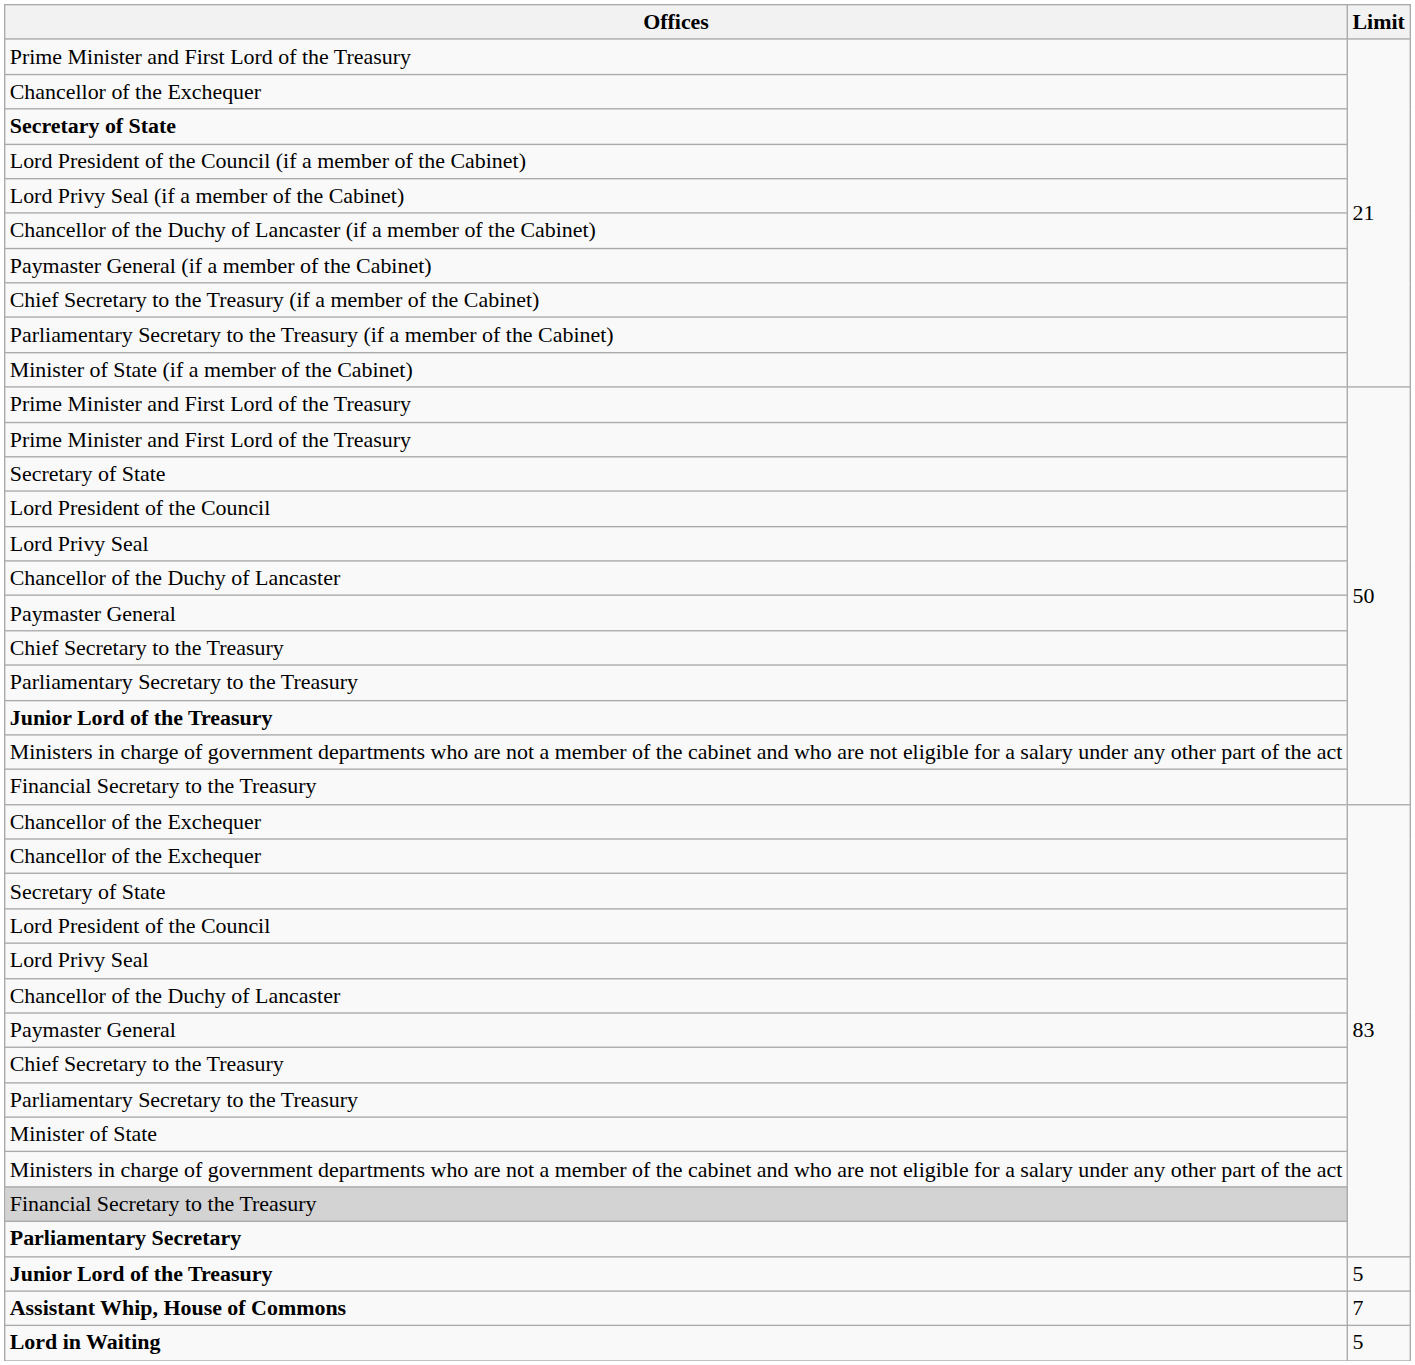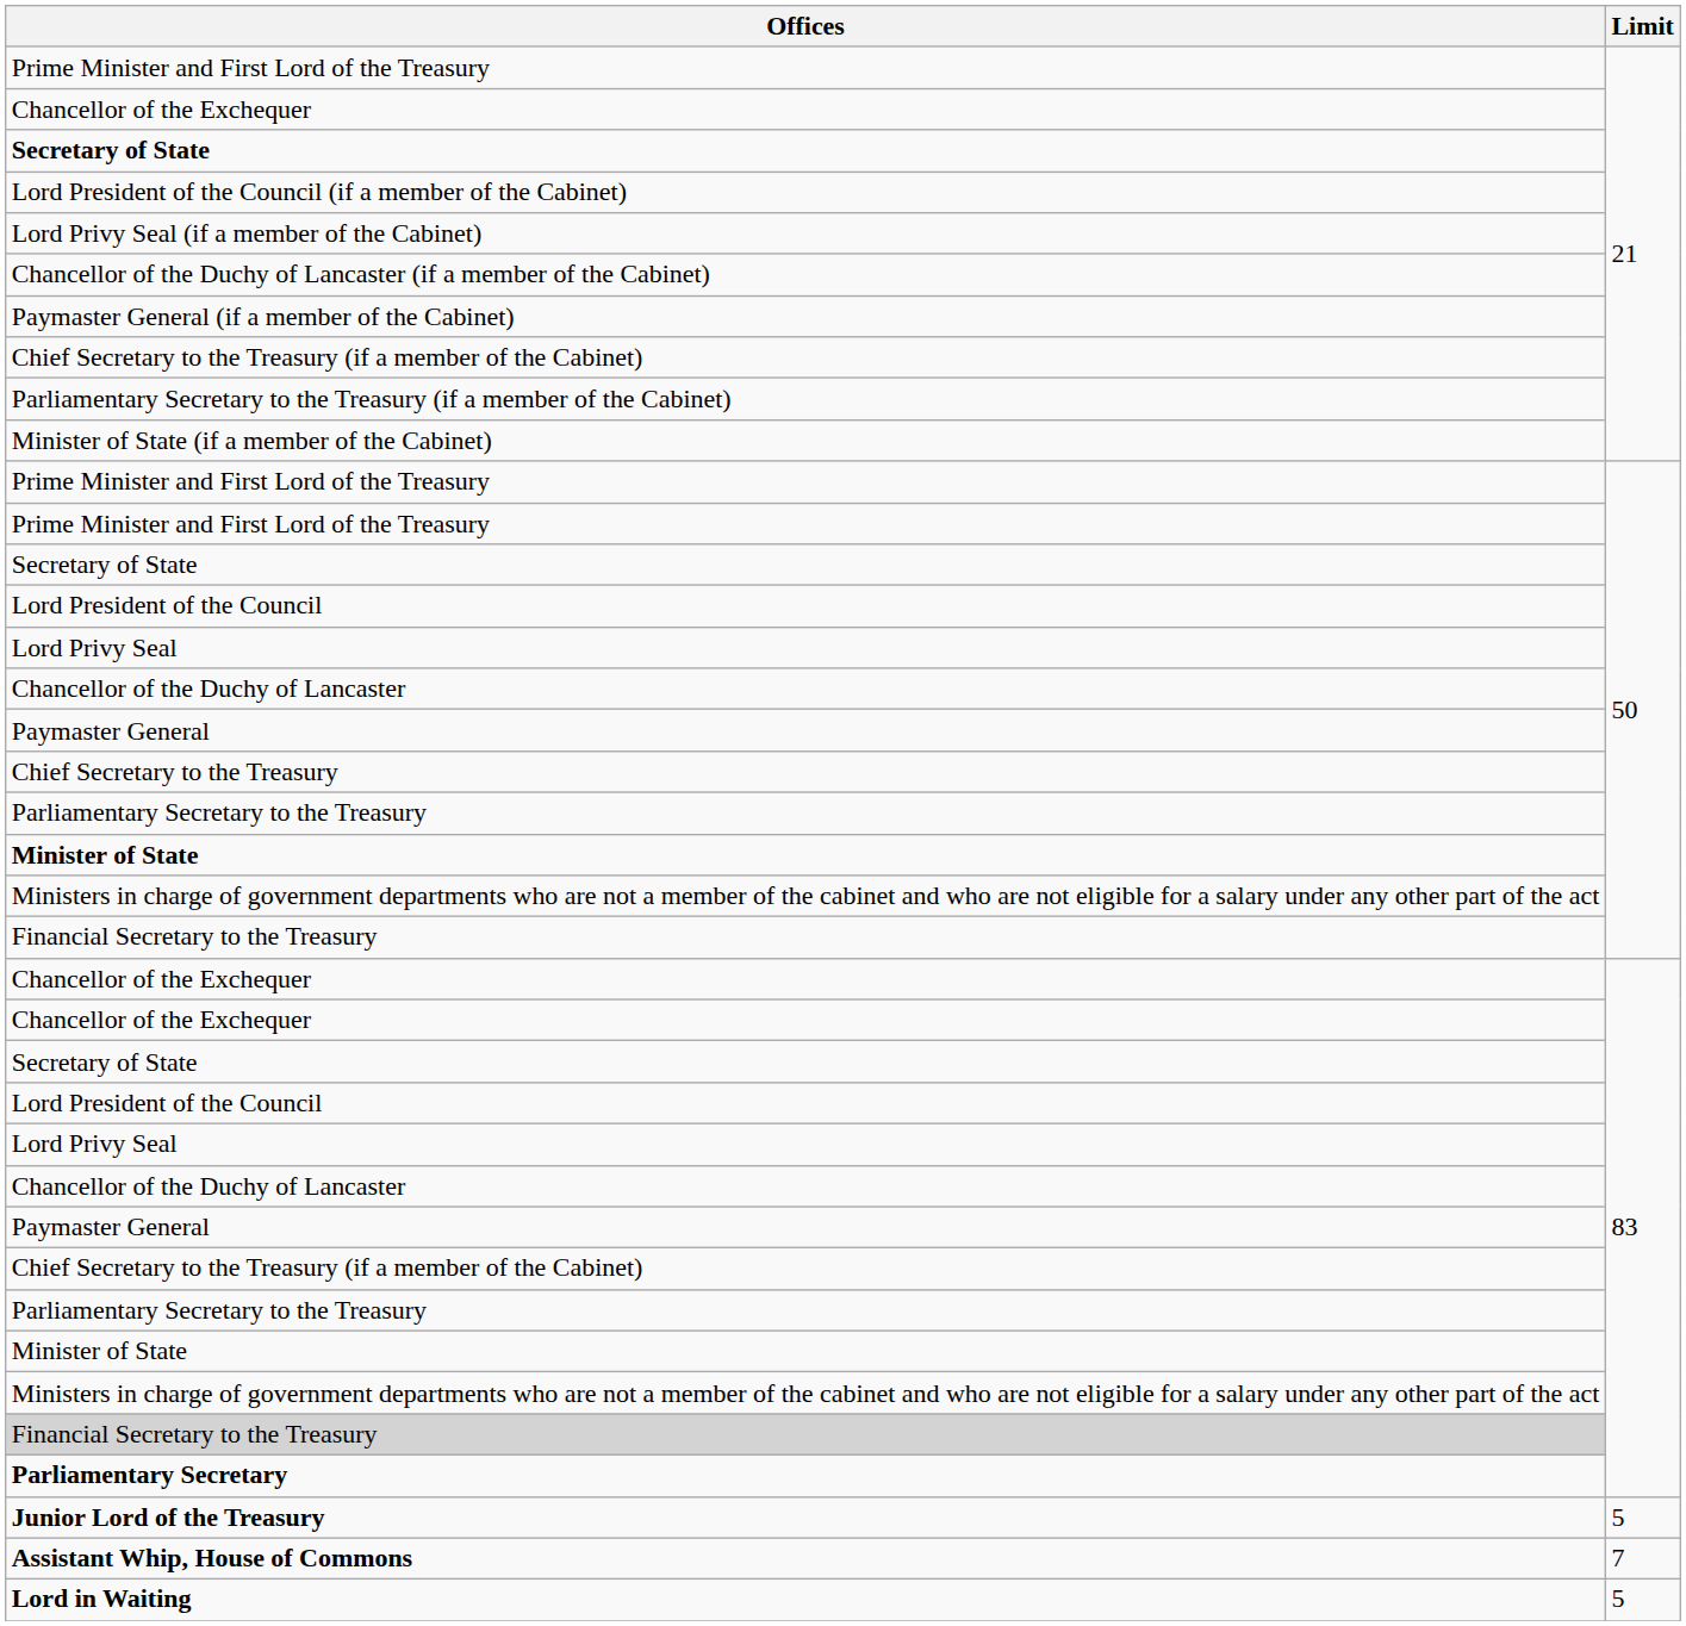 <table class="wikitable">
 <tr>
 <th>Offices</th>
 <th>Limit</th>
 </tr>
 <tr>
 <td>Prime Minister and First Lord of the Treasury</td>
 <td rowspan="10">21</td>
 </tr>
 <tr>
 <td>Chancellor of the Exchequer</td>
 </tr>
 <tr>
 <td><strong>Secretary of State</strong></td>
 </tr>
 <tr>
 <td>Lord President of the Council (if a member of the Cabinet)</td>
 </tr>
 <tr>
 <td>Lord Privy Seal (if a member of the Cabinet)</td>
 </tr>
 <tr>
 <td>Chancellor of the Duchy of Lancaster (if a member of the Cabinet)</td>
 </tr>
 <tr>
 <td>Paymaster General (if a member of the Cabinet)</td>
 </tr>
 <tr>
 <td>Chief Secretary to the Treasury (if a member of the Cabinet)</td>
 </tr>
 <tr>
 <td>Parliamentary Secretary to the Treasury (if a member of the Cabinet)</td>
 </tr>
 <tr>
 <td>Minister of State (if a member of the Cabinet)</td>
 </tr>
 <tr>
 <td>Prime Minister and First Lord of the Treasury</td>
 <td rowspan="12">50</td>
 </tr>
 <tr>
 <td>Prime Minister and First Lord of the Treasury</td>
 </tr>
 <tr>
 <td>Secretary of State</td>
 </tr>
 <tr>
 <td>Lord President of the Council</td>
 </tr>
 <tr>
 <td>Lord Privy Seal</td>
 </tr>
 <tr>
 <td>Chancellor of the Duchy of Lancaster</td>
 </tr>
 <tr>
 <td>Paymaster General</td>
 </tr>
 <tr>
 <td>Chief Secretary to the Treasury</td>
 </tr>
 <tr>
 <td>Parliamentary Secretary to the Treasury</td>
 </tr>
 <tr>
-<td><strong>Junior Lord of the Treasury</strong></td>
+<td><strong>Minister of State</strong></td>
 </tr>
 <tr>
 <td>Ministers in charge of government departments who are not a member of the cabinet and who are not eligible for a salary under any other part of the act</td>
 </tr>
 <tr>
 <td>Financial Secretary to the Treasury</td>
 </tr>
 <tr>
 <td>Chancellor of the Exchequer</td>
 <td rowspan="13">83</td>
 </tr>
 <tr>
 <td>Chancellor of the Exchequer</td>
 </tr>
 <tr>
 <td>Secretary of State</td>
 </tr>
 <tr>
 <td>Lord President of the Council</td>
 </tr>
 <tr>
 <td>Lord Privy Seal</td>
 </tr>
 <tr>
 <td>Chancellor of the Duchy of Lancaster</td>
 </tr>
 <tr>
 <td>Paymaster General</td>
 </tr>
 <tr>
-<td>Chief Secretary to the Treasury</td>
+<td>Chief Secretary to the Treasury (if a member of the Cabinet)</td>
 </tr>
 <tr>
 <td>Parliamentary Secretary to the Treasury</td>
 </tr>
 <tr>
 <td>Minister of State</td>
 </tr>
 <tr>
 <td>Ministers in charge of government departments who are not a member of the cabinet and who are not eligible for a salary under any other part of the act</td>
 </tr>
 <tr>
 <td style="background: lightgrey;">Financial Secretary to the Treasury</td>
 </tr>
 <tr>
 <td><strong>Parliamentary Secretary</strong></td>
 </tr>
 <tr>
 <td><strong>Junior Lord of the Treasury</strong></td>
 <td>5</td>
 </tr>
 <tr>
 <td><strong>Assistant Whip, House of Commons</strong></td>
 <td>7</td>
 </tr>
 <tr>
 <td><strong>Lord in Waiting</strong></td>
 <td>5</td>
 </tr>
 </table>
